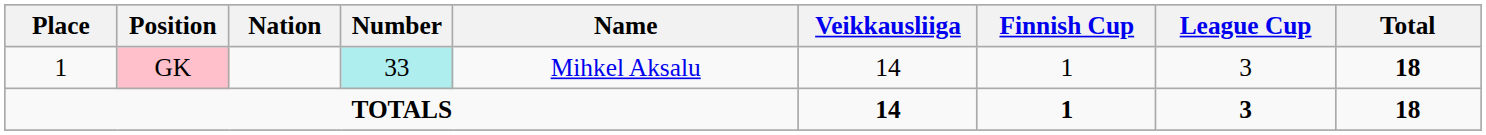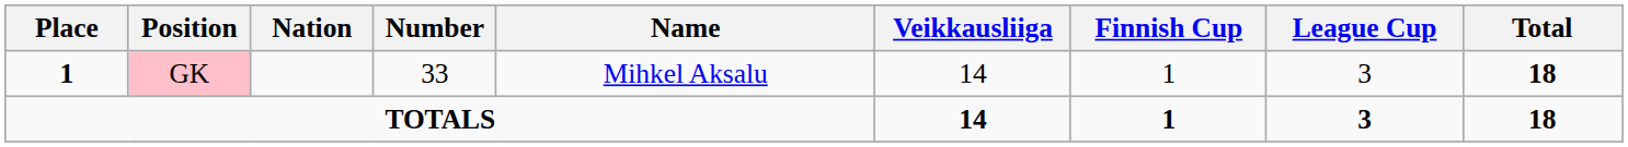 <table class="wikitable" style="font-size: 95%; text-align: center;">
 <tr>
 <th width=60>Place</th>
 <th width=60>Position</th>
 <th width=60>Nation</th>
 <th width=60>Number</th>
 <th width=200>Name</th>
 <th width=100><a href='#'>Veikkausliiga</a></th>
 <th width=100><a href='#'>Finnish Cup</a></th>
 <th width=100><a href='#'>League Cup</a></th>
 <th width=80><strong>Total</strong></th>
 </tr>
 <tr>
-<td>1</td>
+<td><strong>1</strong></td>
 <td style="background: pink;">GK</td>
 <td></td>
-<td style="background: paleturquoise;">33</td>
+<td>33</td>
 <td><a href='#'>Mihkel Aksalu</a></td>
 <td>14</td>
 <td>1</td>
 <td>3</td>
 <td><strong>18</strong></td>
 </tr>
 <tr>
 <td colspan="5"><strong>TOTALS</strong></td>
 <td><strong>14</strong></td>
 <td><strong>1</strong></td>
 <td><strong>3</strong></td>
 <td><strong>18</strong></td>
 </tr>
 </table>
